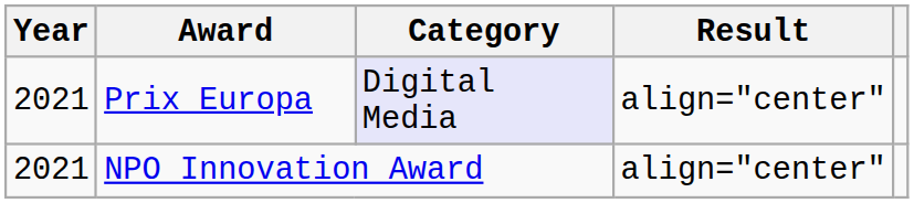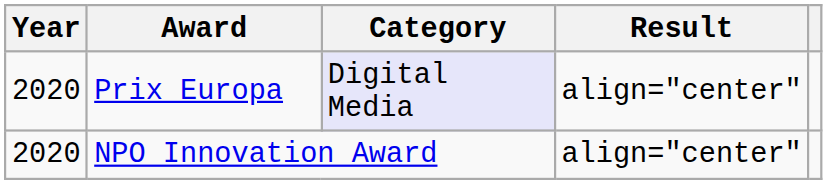 <table class="wikitable">
 <tr>
 <th>Year</th>
 <th width=100px>Award</th>
 <th width=100px>Category</th>
 <th width=100px>Result</th>
 <th></th>
 </tr>
 <tr>
-<td>2021</td>
+<td>2020</td>
 <td><a href='#'>Prix Europa</a></td>
 <td style="background: lavender;">Digital Media</td>
 <td>align="center" </td>
 <td></td>
 </tr>
 <tr>
-<td>2021</td>
+<td>2020</td>
 <td colspan="2"><a href='#'>NPO Innovation Award</a></td>
 <td>align="center" </td>
 <td></td>
 </tr>
 </table>
